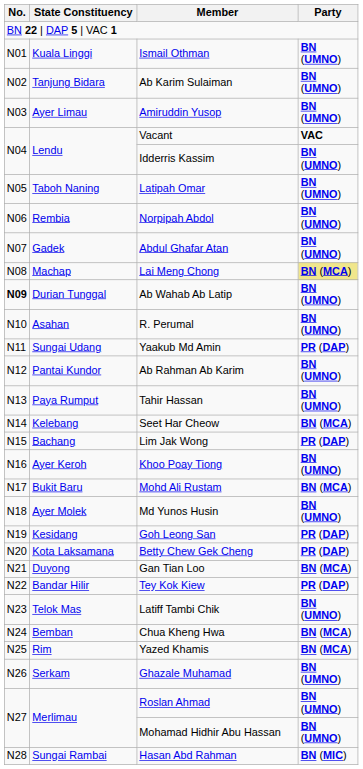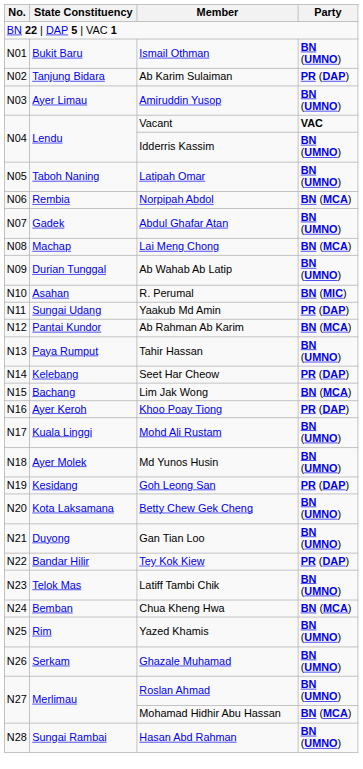 <table class="wikitable sortable">
 <tr>
 <th style="width:30px;">No.</th>
 <th style="width:150px;">State Constituency</th>
 <th style="width:230px;">Member</th>
 <th style="width:80px;">Party</th>
 </tr>
 <tr>
 <td colspan="4"><a href='#'>BN</a> <strong>22</strong> | <a href='#'>DAP</a> <strong>5</strong> | VAC <strong>1</strong></td>
 </tr>
 <tr>
 <td>N01</td>
-<td><a href='#'>Kuala Linggi</a></td>
+<td><a href='#'>Bukit Baru</a></td>
 <td><a href='#'>Ismail Othman</a></td>
 <td><strong><a href='#'>BN</a></strong> (<strong><a href='#'>UMNO</a></strong>)</td>
 </tr>
 <tr>
 <td>N02</td>
 <td><a href='#'>Tanjung Bidara</a></td>
 <td>Ab Karim Sulaiman</td>
-<td><strong><a href='#'>BN</a></strong> (<strong><a href='#'>UMNO</a></strong>)</td>
+<td><strong><a href='#'>PR</a></strong> (<strong><a href='#'>DAP</a></strong>)</td>
 </tr>
 <tr>
 <td>N03</td>
 <td><a href='#'>Ayer Limau</a></td>
 <td><a href='#'>Amiruddin Yusop</a></td>
 <td><strong><a href='#'>BN</a></strong> (<strong><a href='#'>UMNO</a></strong>)</td>
 </tr>
 <tr>
 <td rowspan=2>N04</td>
 <td rowspan=2><a href='#'>Lendu</a></td>
 <td>Vacant </td>
 <td><strong>VAC</strong></td>
 </tr>
 <tr>
 <td>Idderris Kassim </td>
 <td><strong><a href='#'>BN</a></strong> (<strong><a href='#'>UMNO</a></strong>)</td>
 </tr>
 <tr>
 <td>N05</td>
 <td><a href='#'>Taboh Naning</a></td>
 <td><a href='#'>Latipah Omar</a></td>
 <td><strong><a href='#'>BN</a></strong> (<strong><a href='#'>UMNO</a></strong>)</td>
 </tr>
 <tr>
 <td>N06</td>
 <td><a href='#'>Rembia</a></td>
 <td><a href='#'>Norpipah Abdol</a></td>
-<td><strong><a href='#'>BN</a></strong> (<strong><a href='#'>UMNO</a></strong>)</td>
+<td><strong><a href='#'>BN</a></strong> (<strong><a href='#'>MCA</a></strong>)</td>
 </tr>
 <tr>
 <td>N07</td>
 <td><a href='#'>Gadek</a></td>
 <td><a href='#'>Abdul Ghafar Atan</a></td>
 <td><strong><a href='#'>BN</a></strong> (<strong><a href='#'>UMNO</a></strong>)</td>
 </tr>
 <tr>
 <td>N08</td>
 <td><a href='#'>Machap</a></td>
 <td><a href='#'>Lai Meng Chong</a></td>
-<td style="background: khaki;"><strong><a href='#'>BN</a></strong> (<strong><a href='#'>MCA</a></strong>)</td>
+<td><strong><a href='#'>BN</a></strong> (<strong><a href='#'>MCA</a></strong>)</td>
 </tr>
 <tr>
-<td><strong>N09</strong></td>
+<td>N09</td>
 <td><a href='#'>Durian Tunggal</a></td>
 <td>Ab Wahab Ab Latip</td>
 <td><strong><a href='#'>BN</a></strong> (<strong><a href='#'>UMNO</a></strong>)</td>
 </tr>
 <tr>
 <td>N10</td>
 <td><a href='#'>Asahan</a></td>
 <td>R. Perumal</td>
-<td><strong><a href='#'>BN</a></strong> (<strong><a href='#'>UMNO</a></strong>)</td>
+<td><strong><a href='#'>BN</a></strong> (<strong><a href='#'>MIC</a></strong>)</td>
 </tr>
 <tr>
 <td>N11</td>
 <td><a href='#'>Sungai Udang</a></td>
 <td>Yaakub Md Amin</td>
 <td><strong><a href='#'>PR</a></strong> (<strong><a href='#'>DAP</a></strong>)</td>
 </tr>
 <tr>
 <td>N12</td>
 <td><a href='#'>Pantai Kundor</a></td>
 <td>Ab Rahman Ab Karim</td>
-<td><strong><a href='#'>BN</a></strong> (<strong><a href='#'>UMNO</a></strong>)</td>
+<td><strong><a href='#'>BN</a></strong> (<strong><a href='#'>MCA</a></strong>)</td>
 </tr>
 <tr>
 <td>N13</td>
 <td><a href='#'>Paya Rumput</a></td>
 <td>Tahir Hassan</td>
 <td><strong><a href='#'>BN</a></strong> (<strong><a href='#'>UMNO</a></strong>)</td>
 </tr>
 <tr>
 <td>N14</td>
 <td><a href='#'>Kelebang</a></td>
 <td>Seet Har Cheow</td>
-<td><strong><a href='#'>BN</a></strong> (<strong><a href='#'>MCA</a></strong>)</td>
+<td><strong><a href='#'>PR</a></strong> (<strong><a href='#'>DAP</a></strong>)</td>
 </tr>
 <tr>
 <td>N15</td>
 <td><a href='#'>Bachang</a></td>
 <td>Lim Jak Wong</td>
-<td><strong><a href='#'>PR</a></strong> (<strong><a href='#'>DAP</a></strong>)</td>
+<td><strong><a href='#'>BN</a></strong> (<strong><a href='#'>MCA</a></strong>)</td>
 </tr>
 <tr>
 <td>N16</td>
 <td><a href='#'>Ayer Keroh</a></td>
 <td><a href='#'>Khoo Poay Tiong</a></td>
-<td><strong><a href='#'>BN</a></strong> (<strong><a href='#'>UMNO</a></strong>)</td>
+<td><strong><a href='#'>PR</a></strong> (<strong><a href='#'>DAP</a></strong>)</td>
 </tr>
 <tr>
 <td>N17</td>
-<td><a href='#'>Bukit Baru</a></td>
+<td><a href='#'>Kuala Linggi</a></td>
 <td><a href='#'>Mohd Ali Rustam</a></td>
-<td><strong><a href='#'>BN</a></strong> (<strong><a href='#'>MCA</a></strong>)</td>
+<td><strong><a href='#'>BN</a></strong> (<strong><a href='#'>UMNO</a></strong>)</td>
 </tr>
 <tr>
 <td>N18</td>
 <td><a href='#'>Ayer Molek</a></td>
 <td>Md Yunos Husin</td>
 <td><strong><a href='#'>BN</a></strong> (<strong><a href='#'>UMNO</a></strong>)</td>
 </tr>
 <tr>
 <td>N19</td>
 <td><a href='#'>Kesidang</a></td>
 <td><a href='#'>Goh Leong San</a></td>
 <td><strong><a href='#'>PR</a></strong> (<strong><a href='#'>DAP</a></strong>)</td>
 </tr>
 <tr>
 <td>N20</td>
 <td><a href='#'>Kota Laksamana</a></td>
 <td><a href='#'>Betty Chew Gek Cheng</a></td>
-<td><strong><a href='#'>PR</a></strong> (<strong><a href='#'>DAP</a></strong>)</td>
+<td><strong><a href='#'>BN</a></strong> (<strong><a href='#'>UMNO</a></strong>)</td>
 </tr>
 <tr>
 <td>N21</td>
 <td><a href='#'>Duyong</a></td>
 <td>Gan Tian Loo</td>
-<td><strong><a href='#'>BN</a></strong> (<strong><a href='#'>MCA</a></strong>)</td>
+<td><strong><a href='#'>BN</a></strong> (<strong><a href='#'>UMNO</a></strong>)</td>
 </tr>
 <tr>
 <td>N22</td>
 <td><a href='#'>Bandar Hilir</a></td>
 <td><a href='#'>Tey Kok Kiew</a></td>
 <td><strong><a href='#'>PR</a></strong> (<strong><a href='#'>DAP</a></strong>)</td>
 </tr>
 <tr>
 <td>N23</td>
 <td><a href='#'>Telok Mas</a></td>
 <td>Latiff Tambi Chik</td>
 <td><strong><a href='#'>BN</a></strong> (<strong><a href='#'>UMNO</a></strong>)</td>
 </tr>
 <tr>
 <td>N24</td>
 <td><a href='#'>Bemban</a></td>
 <td>Chua Kheng Hwa</td>
 <td><strong><a href='#'>BN</a></strong> (<strong><a href='#'>MCA</a></strong>)</td>
 </tr>
 <tr>
 <td>N25</td>
 <td><a href='#'>Rim</a></td>
 <td>Yazed Khamis</td>
-<td><strong><a href='#'>BN</a></strong> (<strong><a href='#'>MCA</a></strong>)</td>
+<td><strong><a href='#'>BN</a></strong> (<strong><a href='#'>UMNO</a></strong>)</td>
 </tr>
 <tr>
 <td>N26</td>
 <td><a href='#'>Serkam</a></td>
 <td><a href='#'>Ghazale Muhamad</a></td>
 <td><strong><a href='#'>BN</a></strong> (<strong><a href='#'>UMNO</a></strong>)</td>
 </tr>
 <tr>
 <td rowspan=2>N27</td>
 <td rowspan=2><a href='#'>Merlimau</a></td>
 <td><a href='#'>Roslan Ahmad</a> </td>
 <td><strong><a href='#'>BN</a></strong> (<strong><a href='#'>UMNO</a></strong>)</td>
 </tr>
 <tr>
 <td>Mohamad Hidhir Abu Hassan </td>
-<td><strong><a href='#'>BN</a></strong> (<strong><a href='#'>UMNO</a></strong>)</td>
+<td><strong><a href='#'>BN</a></strong> (<strong><a href='#'>MCA</a></strong>)</td>
 </tr>
 <tr>
 <td>N28</td>
 <td><a href='#'>Sungai Rambai</a></td>
 <td><a href='#'>Hasan Abd Rahman</a></td>
-<td><strong><a href='#'>BN</a></strong> (<strong><a href='#'>MIC</a></strong>)</td>
+<td><strong><a href='#'>BN</a></strong> (<strong><a href='#'>UMNO</a></strong>)</td>
 </tr>
 </table>
